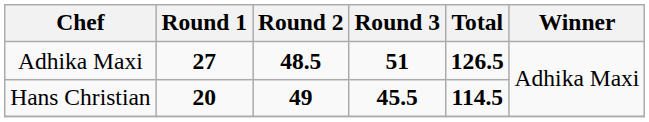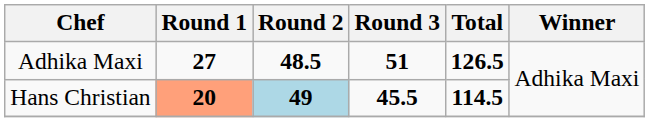 <table class="wikitable"  style="float:left; margin:auto; text-align:center;">
 <tr>
 <th>Chef</th>
 <th>Round 1</th>
 <th>Round 2</th>
 <th>Round 3</th>
 <th>Total</th>
 <th>Winner</th>
 </tr>
 <tr>
 <td>Adhika Maxi</td>
 <td><strong>27</strong></td>
 <td><strong>48.5</strong></td>
 <td><strong>51</strong></td>
 <td><strong>126.5</strong></td>
 <td rowspan=2>Adhika Maxi</td>
 </tr>
 <tr>
 <td>Hans Christian</td>
-<td><strong>20</strong></td>
-<td><strong>49</strong></td>
+<td style="background: lightsalmon;"><strong>20</strong></td>
+<td style="background: lightblue;"><strong>49</strong></td>
 <td><strong>45.5</strong></td>
 <td><strong>114.5</strong></td>
 </tr>
 <tr>
 </tr>
 </table>
